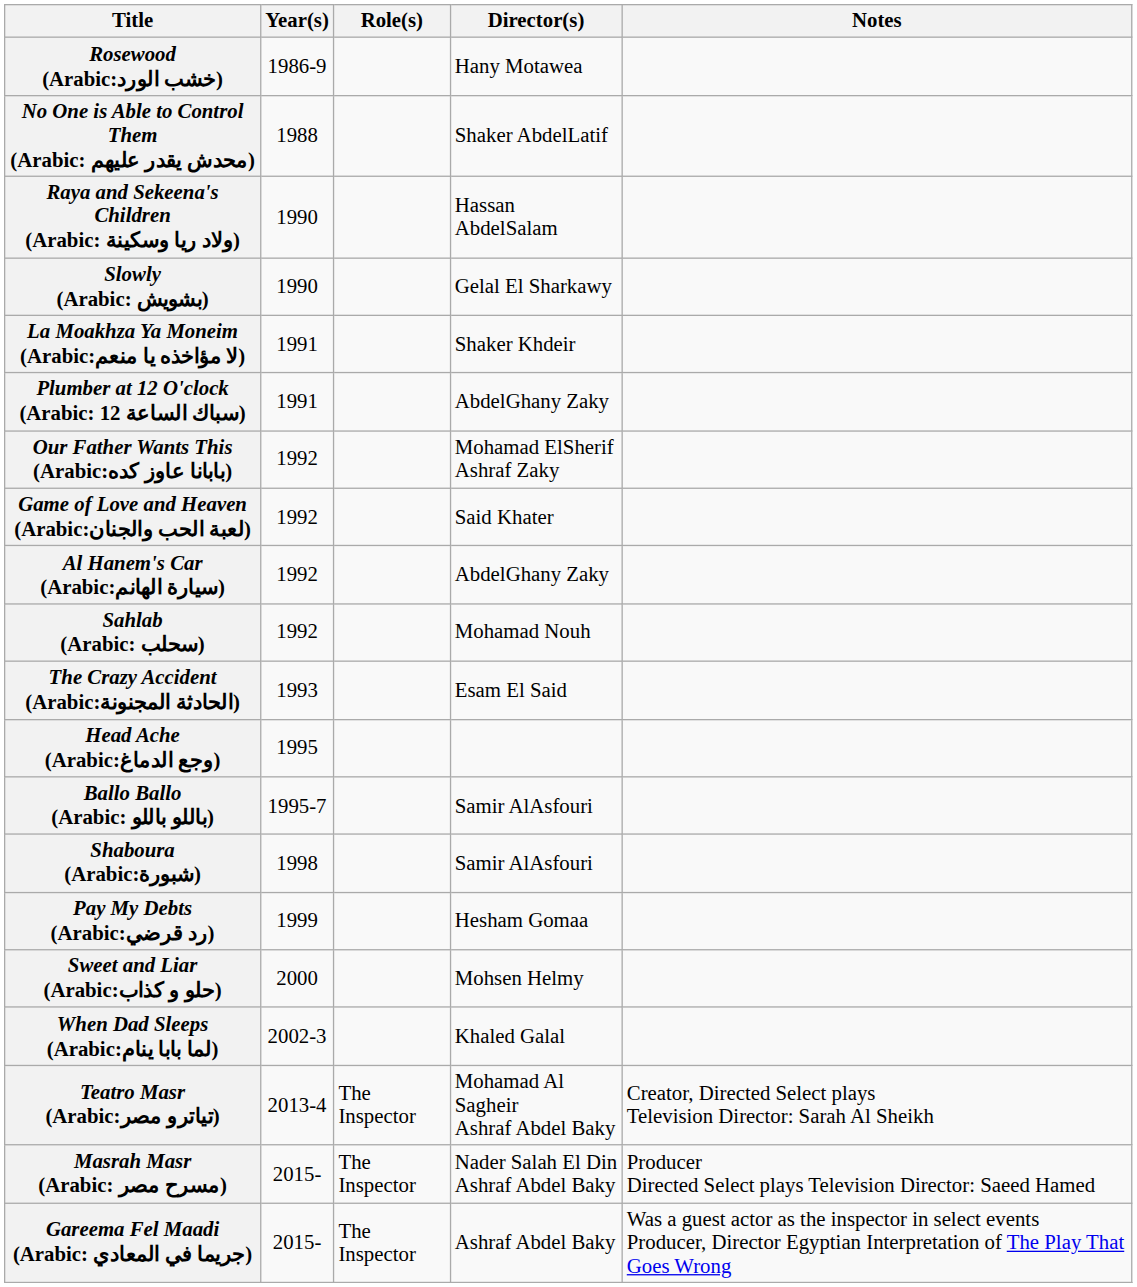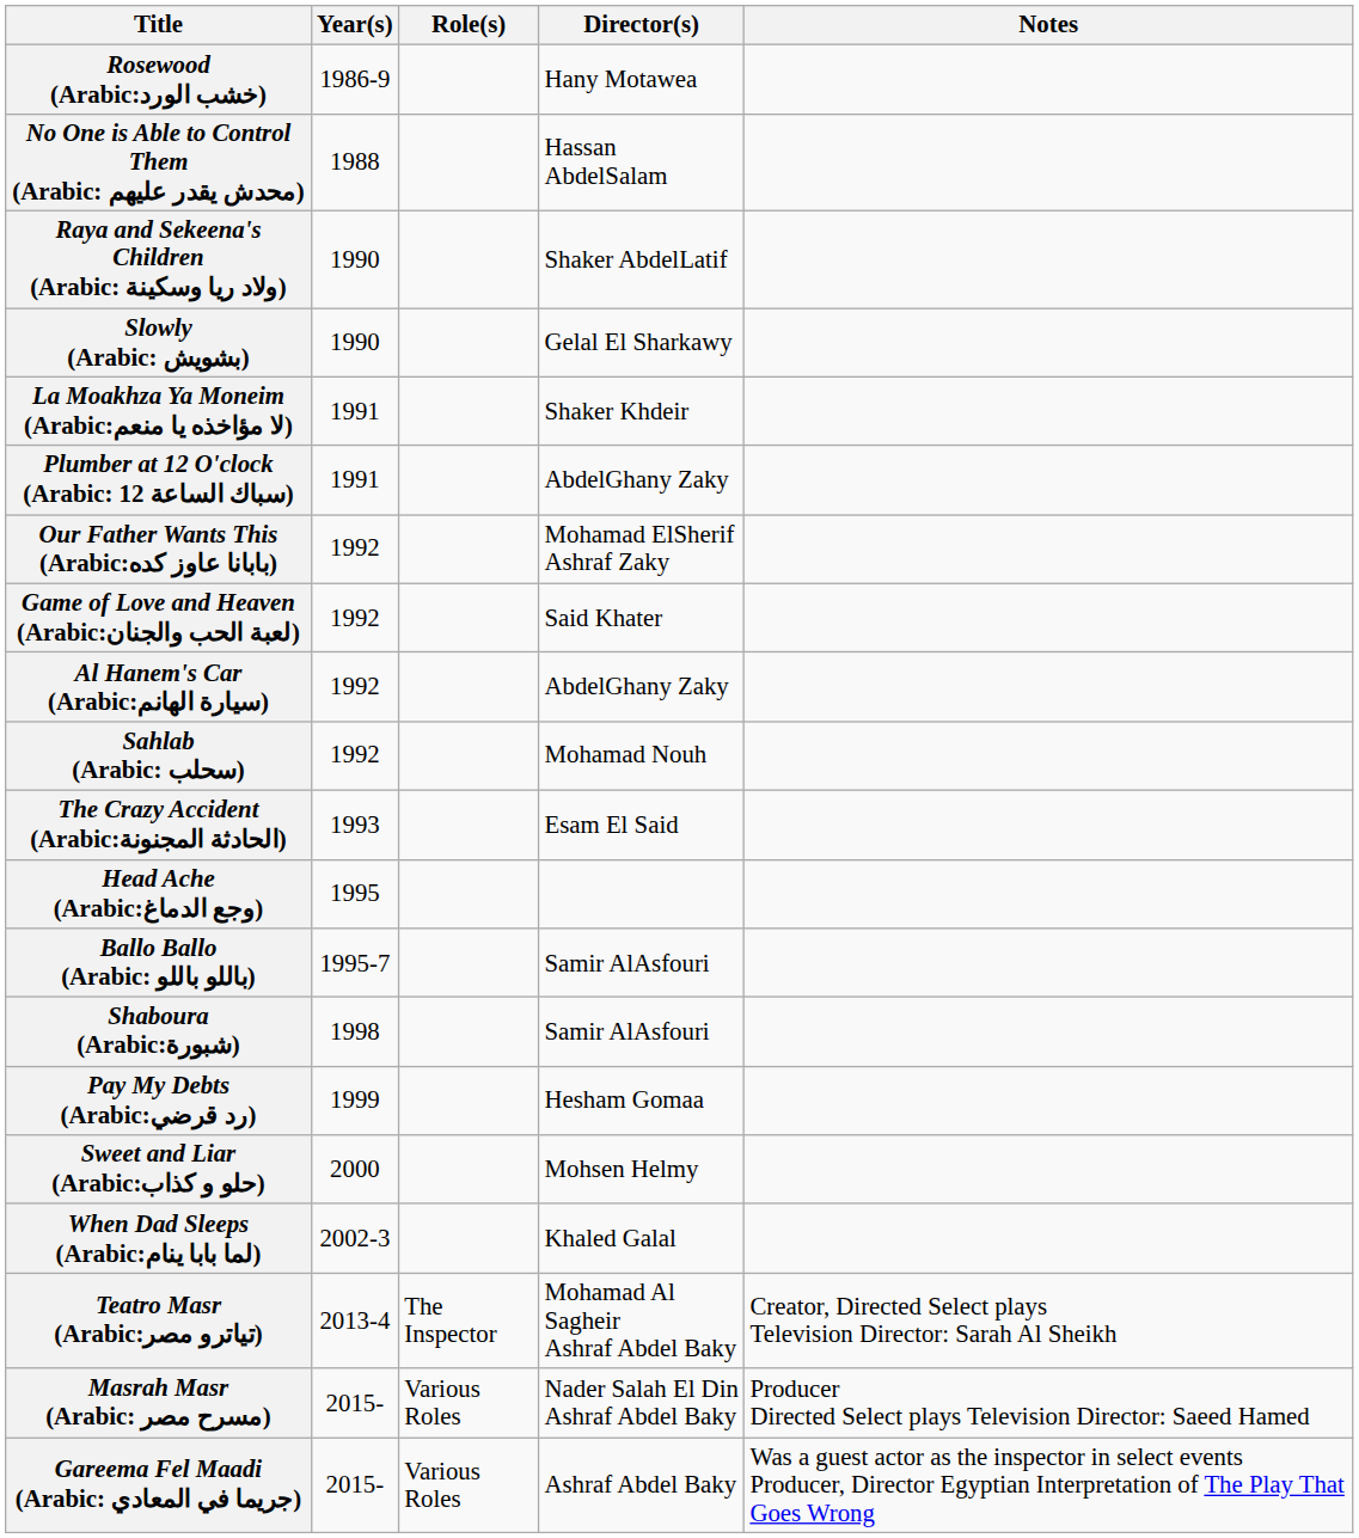 <table class="wikitable plainrowheaders sortable">
 <tr>
 <th scope="col">Title</th>
 <th scope="col">Year(s)</th>
 <th scope="col">Role(s)</th>
 <th scope="col">Director(s)</th>
 <th scope="col" class="unsortable">Notes</th>
 </tr>
 <tr>
 <th><em>Rosewood</em><br>(Arabic:خشب الورد)</th>
 <td style="text-align:center;">1986-9</td>
 <td></td>
 <td>Hany Motawea</td>
 <td></td>
 </tr>
 <tr>
 <th><em>No One is Able to Control Them</em><br>(Arabic: محدش يقدر عليهم)</th>
 <td style="text-align:center;">1988</td>
 <td></td>
-<td>Shaker AbdelLatif</td>
+<td>Hassan AbdelSalam</td>
 <td></td>
 </tr>
 <tr>
 <th><em>Raya and Sekeena's Children</em><br>(Arabic: ولاد ريا وسكينة)</th>
 <td style="text-align:center;">1990</td>
 <td></td>
-<td>Hassan AbdelSalam</td>
+<td>Shaker AbdelLatif</td>
 <td></td>
 </tr>
 <tr>
 <th><em>Slowly</em><br>(Arabic: بشويش)</th>
 <td style="text-align:center;">1990</td>
 <td></td>
 <td>Gelal El Sharkawy</td>
 <td></td>
 </tr>
 <tr>
 <th><em>La Moakhza Ya Moneim</em><br>(Arabic:لا مؤاخذه يا منعم)</th>
 <td style="text-align:center;">1991</td>
 <td></td>
 <td>Shaker Khdeir</td>
 <td></td>
 </tr>
 <tr>
 <th><em>Plumber at 12 O'clock</em><br>(Arabic: سباك الساعة 12)</th>
 <td style="text-align:center;">1991</td>
 <td></td>
 <td>AbdelGhany Zaky</td>
 <td></td>
 </tr>
 <tr>
 <th><em>Our Father Wants This</em><br>(Arabic:بابانا عاوز كده)</th>
 <td style="text-align:center;">1992</td>
 <td></td>
 <td>Mohamad ElSherif<br>Ashraf Zaky</td>
 <td></td>
 </tr>
 <tr>
 <th><em>Game of Love and Heaven</em><br>(Arabic:لعبة الحب والجنان)</th>
 <td style="text-align:center;">1992</td>
 <td></td>
 <td>Said Khater</td>
 <td></td>
 </tr>
 <tr>
 <th><em>Al Hanem's Car</em><br>(Arabic:سيارة الهانم)</th>
 <td style="text-align:center;">1992</td>
 <td></td>
 <td>AbdelGhany Zaky</td>
 <td></td>
 </tr>
 <tr>
 <th><em>Sahlab</em><br>(Arabic: سحلب)</th>
 <td style="text-align:center;">1992</td>
 <td></td>
 <td>Mohamad Nouh</td>
 <td></td>
 </tr>
 <tr>
 <th><em>The Crazy Accident</em><br>(Arabic:الحادثة المجنونة)</th>
 <td style="text-align:center;">1993</td>
 <td></td>
 <td>Esam El Said</td>
 <td></td>
 </tr>
 <tr>
 <th><em>Head Ache</em><br>(Arabic:وجع الدماغ)</th>
 <td style="text-align:center;">1995</td>
 <td></td>
 <td></td>
 <td></td>
 </tr>
 <tr>
 <th><em>Ballo Ballo</em><br>(Arabic: باللو باللو)</th>
 <td style="text-align:center;">1995-7</td>
 <td></td>
 <td>Samir AlAsfouri</td>
 <td></td>
 </tr>
 <tr>
 <th><em>Shaboura</em><br>(Arabic:شبورة)</th>
 <td style="text-align:center;">1998</td>
 <td></td>
 <td>Samir AlAsfouri</td>
 <td></td>
 </tr>
 <tr>
 <th><em>Pay My Debts</em><br>(Arabic:رد قرضي)</th>
 <td style="text-align:center;">1999</td>
 <td></td>
 <td>Hesham Gomaa</td>
 <td></td>
 </tr>
 <tr>
 <th><em>Sweet and Liar</em><br>(Arabic:حلو و كذاب)</th>
 <td style="text-align:center;">2000</td>
 <td></td>
 <td>Mohsen Helmy</td>
 <td></td>
 </tr>
 <tr>
 <th><em>When Dad Sleeps</em><br>(Arabic:لما بابا ينام)</th>
 <td style="text-align:center;">2002-3</td>
 <td></td>
 <td>Khaled Galal</td>
 <td></td>
 </tr>
 <tr>
 <th><em>Teatro Masr</em><br>(Arabic:تياترو مصر)</th>
 <td style="text-align:center;">2013-4</td>
 <td>The Inspector</td>
 <td>Mohamad Al Sagheir<br>Ashraf Abdel Baky</td>
 <td>Creator, Directed Select plays<br>Television Director: Sarah Al Sheikh</td>
 </tr>
 <tr>
 <th><em>Masrah Masr</em><br>(Arabic: مسرح مصر)</th>
 <td style="text-align:center;">2015-</td>
-<td>The Inspector</td>
+<td>Various Roles</td>
 <td>Nader Salah El Din<br>Ashraf Abdel Baky</td>
 <td>Producer<br>Directed Select plays Television Director: Saeed Hamed</td>
 </tr>
 <tr>
 <th><em>Gareema Fel Maadi</em><br>(Arabic: جريما في المعادي)</th>
 <td style="text-align:center;">2015-</td>
-<td>The Inspector</td>
+<td>Various Roles</td>
 <td>Ashraf Abdel Baky</td>
 <td>Was a guest actor as the inspector in select events<br>Producer, Director Egyptian Interpretation of <a href='#'>The Play That Goes Wrong</a></td>
 </tr>
 <tr>
 </tr>
 </table>
